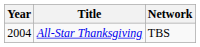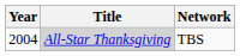 <table class="wikitable">
 <tr>
 <th>Year</th>
 <th>Title</th>
 <th>Network</th>
 </tr>
 <tr>
 <td>2004</td>
-<td><em><a href='#'>All-Star Thanksgiving</a></em></td>
+<td style="background: lightgrey;"><em><a href='#'>All-Star Thanksgiving</a></em></td>
 <td>TBS</td>
 </tr>
 </table>
